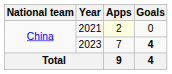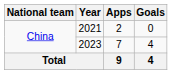 <table class="wikitable" style="text-align:center">
 <tr>
 <th>National team</th>
 <th>Year</th>
 <th>Apps</th>
 <th>Goals</th>
 </tr>
 <tr>
 <td rowspan="2"><a href='#'>China</a></td>
 <td>2021</td>
-<td style="background: lightyellow;">2</td>
+<td>2</td>
 <td>0</td>
 </tr>
 <tr>
 <td>2023</td>
 <td>7</td>
-<td><strong>4</strong></td>
+<td>4</td>
 </tr>
 <tr>
 <th colspan="2">Total</th>
 <th>9</th>
 <th>4</th>
 </tr>
 </table>
